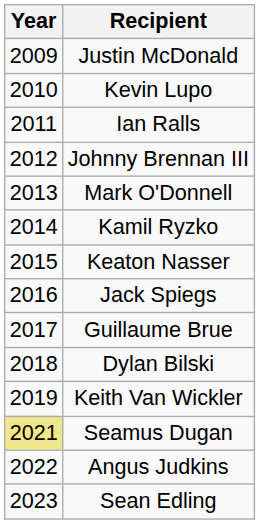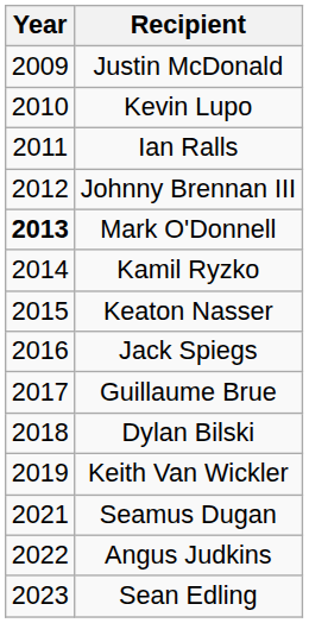 <table class="wikitable" style="text-align:center">
 <tr>
 <th>Year</th>
 <th>Recipient</th>
 </tr>
 <tr>
 <td>2009</td>
 <td>Justin McDonald</td>
 </tr>
 <tr>
 <td>2010</td>
 <td>Kevin Lupo</td>
 </tr>
 <tr>
 <td>2011</td>
 <td>Ian Ralls</td>
 </tr>
 <tr>
 <td>2012</td>
 <td>Johnny Brennan III</td>
 </tr>
 <tr>
-<td>2013</td>
+<td><strong>2013</strong></td>
 <td>Mark O'Donnell</td>
 </tr>
 <tr>
 <td>2014</td>
 <td>Kamil Ryzko</td>
 </tr>
 <tr>
 <td>2015</td>
 <td>Keaton Nasser</td>
 </tr>
 <tr>
 <td>2016</td>
 <td>Jack Spiegs</td>
 </tr>
 <tr>
 <td>2017</td>
 <td>Guillaume Brue</td>
 </tr>
 <tr>
 <td>2018</td>
 <td>Dylan Bilski</td>
 </tr>
 <tr>
 <td>2019</td>
 <td>Keith Van Wickler</td>
 </tr>
 <tr>
-<td style="background: khaki;">2021</td>
+<td>2021</td>
 <td>Seamus Dugan</td>
 </tr>
 <tr>
 <td>2022</td>
 <td>Angus Judkins</td>
 </tr>
 <tr>
 <td>2023</td>
 <td>Sean Edling</td>
 </tr>
 </table>
